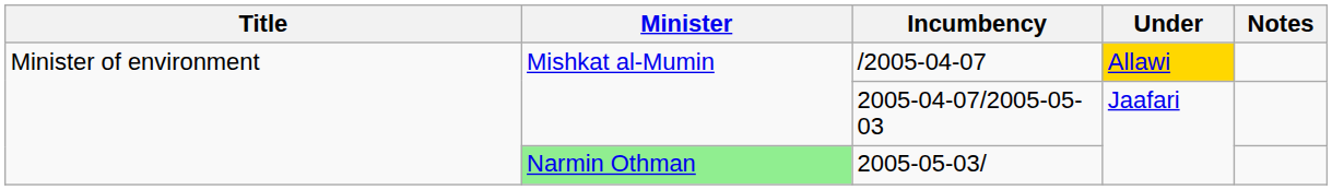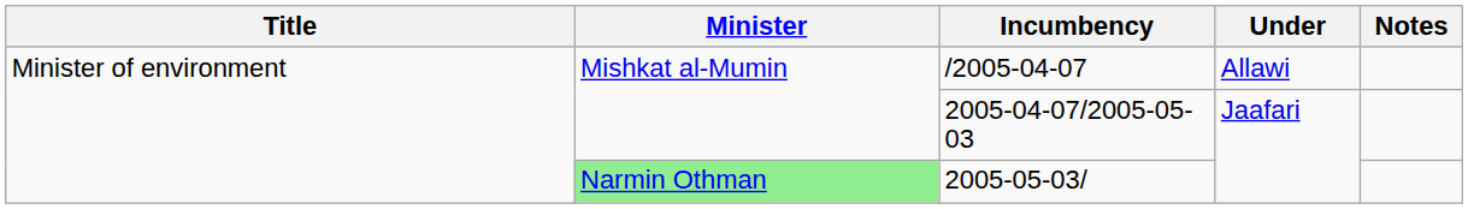 <table class="wikitable" style="width:100%;">
 <tr>
 <th>Title</th>
 <th style="width:25%;"><a href='#'>Minister</a></th>
 <th style="width:160px;">Incumbency</th>
 <th style="width:10%;">Under</th>
 <th style="width:7%;">Notes</th>
 </tr>
 <tr>
 <td rowspan="3" style="vertical-align:top;">Minister of environment</td>
 <td rowspan="2" style="vertical-align:top;"><a href='#'>Mishkat al-Mumin</a></td>
 <td>/2005-04-07</td>
-<td style="background: gold;"><a href='#'>Allawi</a></td>
+<td><a href='#'>Allawi</a></td>
 <td></td>
 </tr>
 <tr>
 <td>2005-04-07/2005-05-03</td>
 <td rowspan="2" style="vertical-align:top;"><a href='#'>Jaafari</a></td>
 <td></td>
 </tr>
 <tr>
 <td style="background: lightgreen;"><a href='#'>Narmin Othman</a></td>
 <td>2005-05-03/</td>
 <td></td>
 </tr>
 </table>
